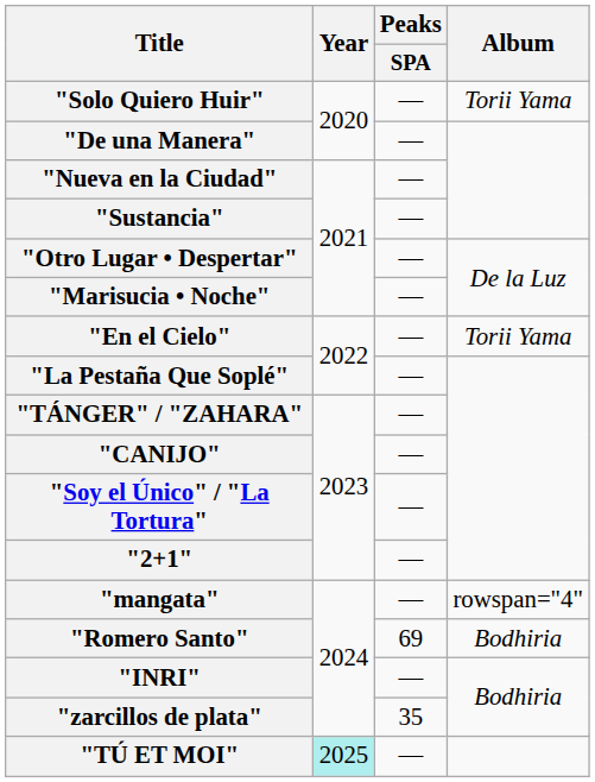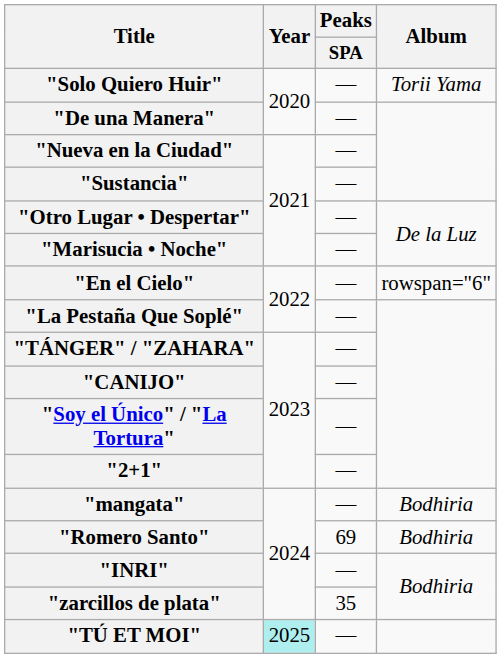 <table class="wikitable plainrowheaders" style="text-align:center">
 <tr>
 <th scope="col" rowspan="2" style="width:12em">Title</th>
 <th scope="col" rowspan="2" style="width:1em">Year</th>
 <th scope="col">Peaks</th>
 <th scope="col" rowspan="2">Album</th>
 </tr>
 <tr>
 <th scope="col" style="width:2.5em;font-size:90%">SPA<br></th>
 </tr>
 <tr>
 <th scope="row">"Solo Quiero Huir"<br></th>
 <td rowspan="2">2020</td>
 <td>—</td>
 <td><em>Torii Yama</em></td>
 </tr>
 <tr>
 <th scope="row">"De una Manera"<br></th>
 <td>—</td>
 </tr>
 <tr>
 <th scope="row">"Nueva en la Ciudad"<br></th>
 <td rowspan="4">2021</td>
 <td>—</td>
 </tr>
 <tr>
 <th scope="row">"Sustancia"<br></th>
 <td>—</td>
 </tr>
 <tr>
 <th scope="row">"Otro Lugar • Despertar"</th>
 <td>—</td>
 <td rowspan="2"><em>De la Luz</em></td>
 </tr>
 <tr>
 <th scope="row">"Marisucia • Noche"</th>
 <td>—</td>
 </tr>
 <tr>
 <th scope="row">"En el Cielo"</th>
 <td rowspan="2">2022</td>
 <td>—</td>
-<td><em>Torii Yama</em></td>
+<td>rowspan="6" </td>
 </tr>
 <tr>
 <th scope="row">"La Pestaña Que Soplé"</th>
 <td>—</td>
 </tr>
 <tr>
 <th scope="row">"TÁNGER" / "ZAHARA"</th>
 <td rowspan="4">2023</td>
 <td>—</td>
 </tr>
 <tr>
 <th scope="row">"CANIJO"</th>
 <td>—</td>
 </tr>
 <tr>
 <th scope="row">"<a href='#'>Soy el Único</a>" / "<a href='#'>La Tortura</a>"</th>
 <td>—</td>
 </tr>
 <tr>
 <th scope="row">"2+1"</th>
 <td>—</td>
 </tr>
 <tr>
 <th scope="row">"mangata"</th>
 <td rowspan="4">2024</td>
 <td>—</td>
-<td>rowspan="4" </td>
+<td><em>Bodhiria</em></td>
 </tr>
 <tr>
 <th scope="row">"Romero Santo"<br></th>
 <td>69</td>
 <td><em>Bodhiria</em></td>
 </tr>
 <tr>
 <th scope="row">"INRI"</th>
 <td>—</td>
 <td rowspan="2"><em>Bodhiria</em></td>
 </tr>
 <tr>
 <th scope="row">"zarcillos de plata"</th>
 <td>35</td>
 </tr>
 <tr>
 <th scope="row">"TÚ ET MOI"<br></th>
 <td style="background: paleturquoise;">2025</td>
 <td>—</td>
 <td></td>
 </tr>
 </table>
